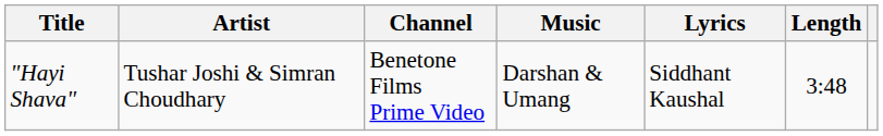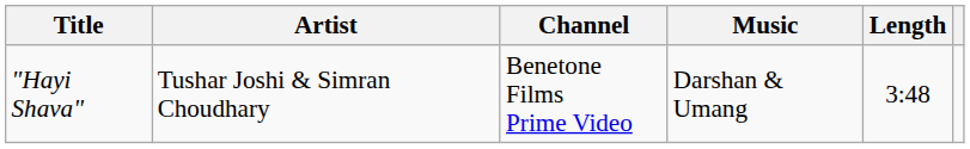 <table class="wikitable sortable plainrowheaders">
 <tr>
 <th scope="col">Title</th>
 <th scope="col">Artist</th>
 <th scope="col">Channel</th>
 <th scope="col">Music</th>
-<th scope="col">Lyrics</th>
 <th scope="col" class="unsortable">Length</th>
 <th scope="col" class="unsortable"></th>
 </tr>
 <tr>
 <td><em>"Hayi Shava"</em></td>
 <td>Tushar Joshi & Simran Choudhary</td>
 <td>Benetone Films<br><a href='#'>Prime Video</a></td>
 <td>Darshan & Umang</td>
-<td>Siddhant Kaushal</td>
 <td style="text-align: center;">3:48</td>
 <td></td>
 </tr>
 </table>
